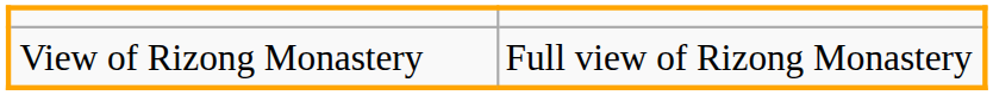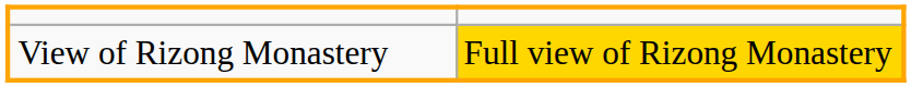 <table class="wikitable" align="right" width="30%" style="font-size:90%; border:2px solid orange;">
 <tr>
 <td width="40%" align="center" valign="center"></td>
 <td width="40%" align="center" valign="center"></td>
 </tr>
 <tr>
 <td valign="top">View of Rizong Monastery</td>
-<td valign="top">Full view of Rizong Monastery</td>
+<td valign="top" style="background: gold;">Full view of Rizong Monastery</td>
 </tr>
 <tr>
 </tr>
 </table>
